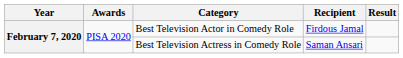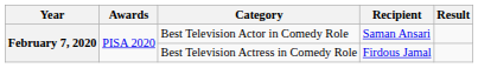 <table class="sortable wikitable">
 <tr>
 <th>Year</th>
 <th>Awards</th>
 <th>Category</th>
 <th>Recipient</th>
 <th>Result</th>
 </tr>
 <tr>
 <th rowspan="2">February 7, 2020</th>
 <td rowspan="2"><a href='#'>PISA 2020</a></td>
 <td>Best Television Actor in Comedy Role</td>
-<td><a href='#'>Firdous Jamal</a></td>
+<td><a href='#'>Saman Ansari</a></td>
 <td></td>
 </tr>
 <tr>
 <td>Best Television Actress in Comedy Role</td>
-<td><a href='#'>Saman Ansari</a></td>
+<td><a href='#'>Firdous Jamal</a></td>
 <td></td>
 </tr>
 </table>
